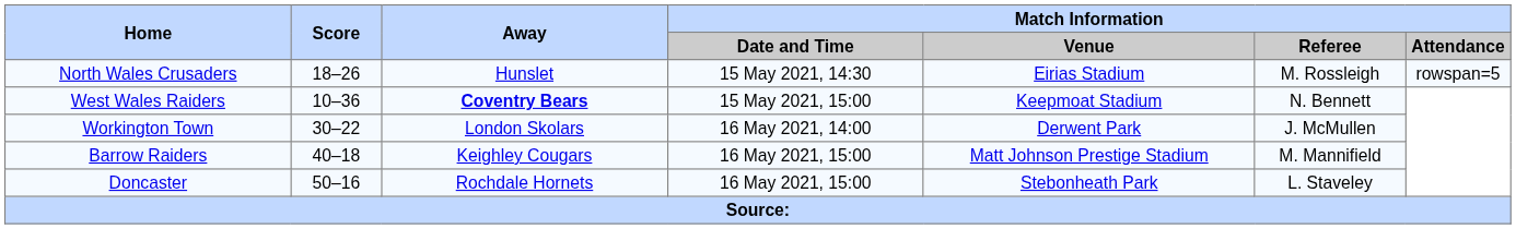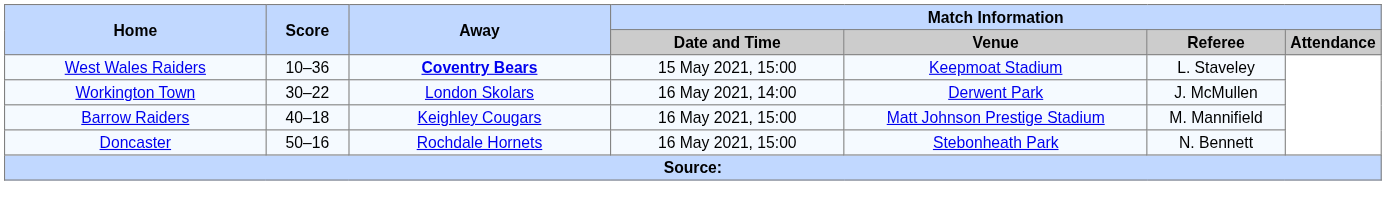 <table border=1 style="border-collapse:collapse; font-size:90%; text-align:center;" cellpadding=3 cellspacing=0 width=100%>
 <tr style="background:#C1D8ff;">
 <th scope="col" rowspan=2 width=19%>Home</th>
 <th scope="col" rowspan=2 width=6%>Score</th>
 <th scope="col" rowspan=2 width=19%>Away</th>
 <th colspan=4>Match Information</th>
 </tr>
 <tr style="background:#CCCCCC;">
 <th scope="col" width=17%>Date and Time</th>
 <th scope="col" width=22%>Venue</th>
 <th scope="col" width=10%>Referee</th>
 <th scope="col" width=7%>Attendance</th>
 </tr>
 <tr style="background:#F5FAFF;">
-<td> <a href='#'>North Wales Crusaders</a></td>
-<td>18–26</td>
-<td> <a href='#'>Hunslet</a></td>
-<td>15 May 2021, 14:30</td>
-<td><a href='#'>Eirias Stadium</a></td>
-<td>M. Rossleigh</td>
-<td>rowspan=5 </td>
-</tr>
-<tr style="background:#F5FAFF;">
 <td> <a href='#'>West Wales Raiders</a></td>
 <td>10–36</td>
 <td><strong> <a href='#'>Coventry Bears</a></strong></td>
 <td>15 May 2021, 15:00</td>
 <td><a href='#'>Keepmoat Stadium</a></td>
-<td>N. Bennett</td>
+<td>L. Staveley</td>
 </tr>
 <tr style="background:#F5FAFF;">
 <td> <a href='#'>Workington Town</a></td>
 <td>30–22</td>
 <td> <a href='#'>London Skolars</a></td>
 <td>16 May 2021, 14:00</td>
 <td><a href='#'>Derwent Park</a></td>
 <td>J. McMullen</td>
 </tr>
 <tr style="background:#F5FAFF;">
 <td> <a href='#'>Barrow Raiders</a></td>
 <td>40–18</td>
 <td> <a href='#'>Keighley Cougars</a></td>
 <td>16 May 2021, 15:00</td>
 <td><a href='#'>Matt Johnson Prestige Stadium</a></td>
 <td>M. Mannifield</td>
 </tr>
 <tr style="background:#F5FAFF;">
 <td> <a href='#'>Doncaster</a></td>
 <td>50–16</td>
 <td> <a href='#'>Rochdale Hornets</a></td>
 <td>16 May 2021, 15:00</td>
 <td><a href='#'>Stebonheath Park</a></td>
-<td>L. Staveley</td>
+<td>N. Bennett</td>
 </tr>
 <tr style="background:#c1d8ff;">
 <th colspan=7>Source:</th>
 </tr>
 </table>
